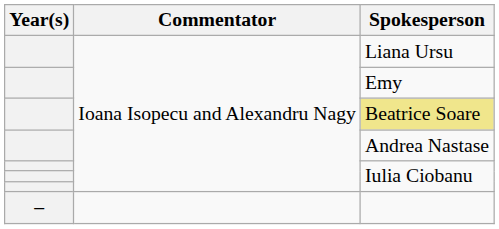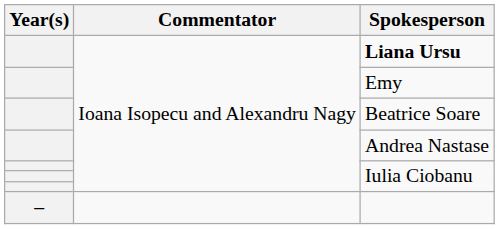 <table class="wikitable sortable plainrowheaders" text-align: left;">
 <tr>
 <th scope="col">Year(s)</th>
 <th scope="col">Commentator</th>
 <th scope="col">Spokesperson</th>
 </tr>
 <tr>
 <th scope="row" style="text-align:center;"></th>
 <td rowspan="7">Ioana Isopecu and Alexandru Nagy</td>
-<td>Liana Ursu</td>
+<td><strong>Liana Ursu</strong></td>
 </tr>
 <tr>
 <th scope="row" style="text-align:center;"></th>
 <td>Emy</td>
 </tr>
 <tr>
 <th scope="row" style="text-align:center;"></th>
-<td style="background: khaki;">Beatrice Soare</td>
+<td>Beatrice Soare</td>
 </tr>
 <tr>
 <th scope="row" style="text-align:center;"></th>
 <td>Andrea Nastase</td>
 </tr>
 <tr>
 <th scope="row" style="text-align:center;"></th>
 <td rowspan="3">Iulia Ciobanu</td>
 </tr>
 <tr>
 <th scope="row" style="text-align:center;"></th>
 </tr>
 <tr>
 <th scope="row" style="text-align:center;"></th>
 </tr>
 <tr>
 <th scope="row" style="text-align:center;">–</th>
 <td></td>
 <td></td>
 </tr>
 </table>
